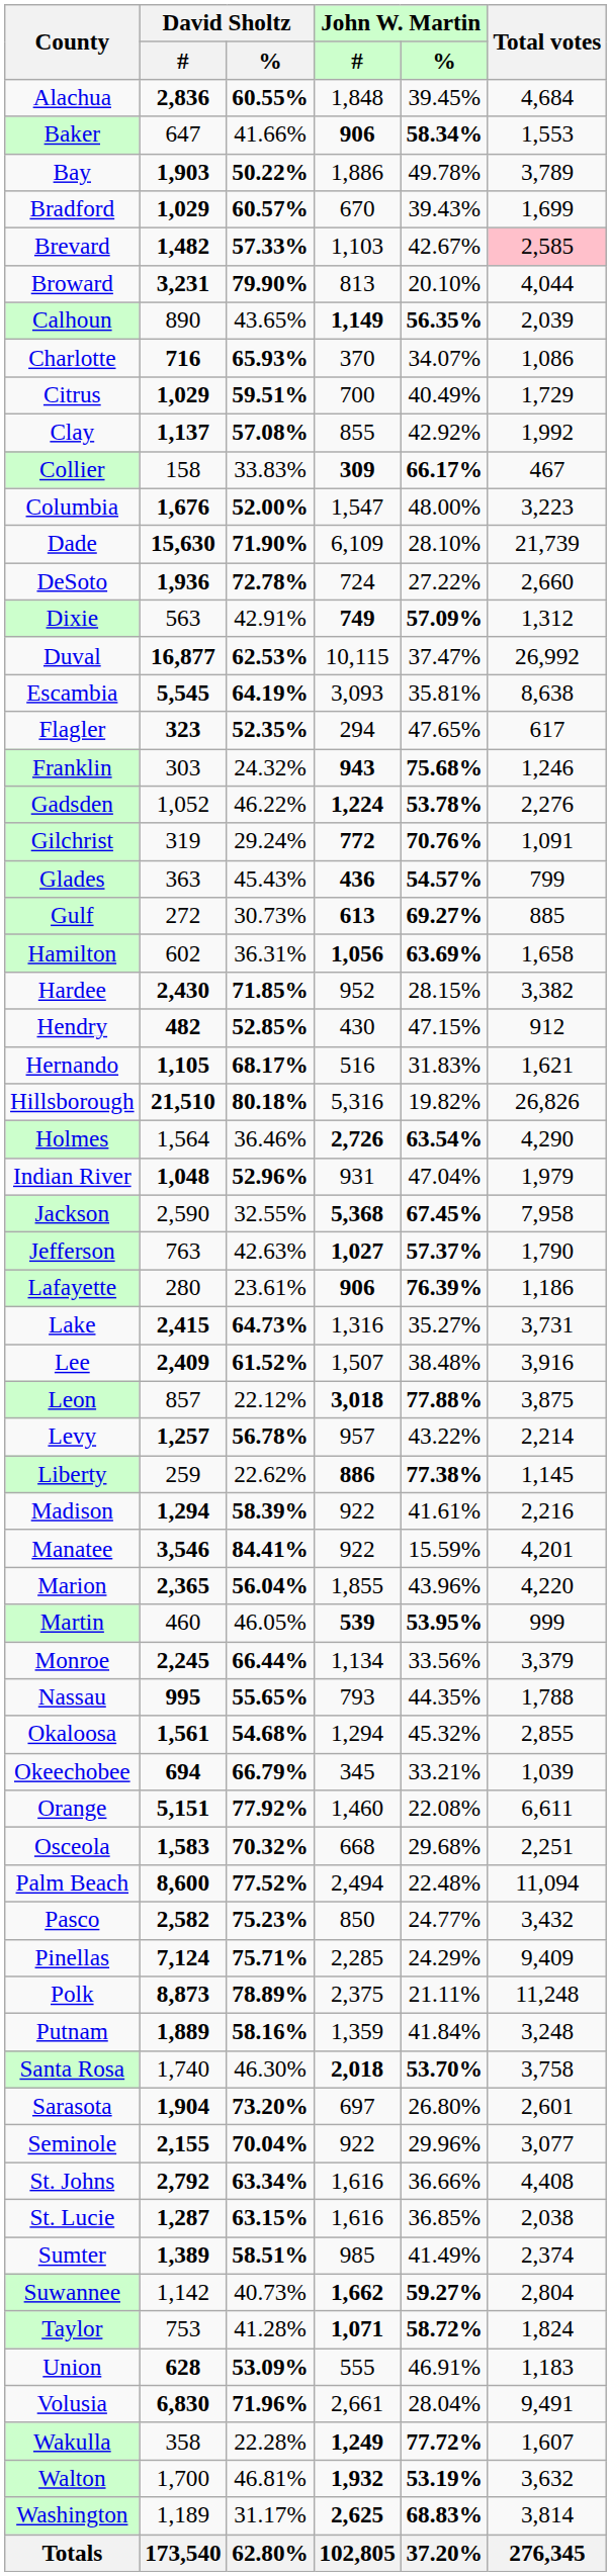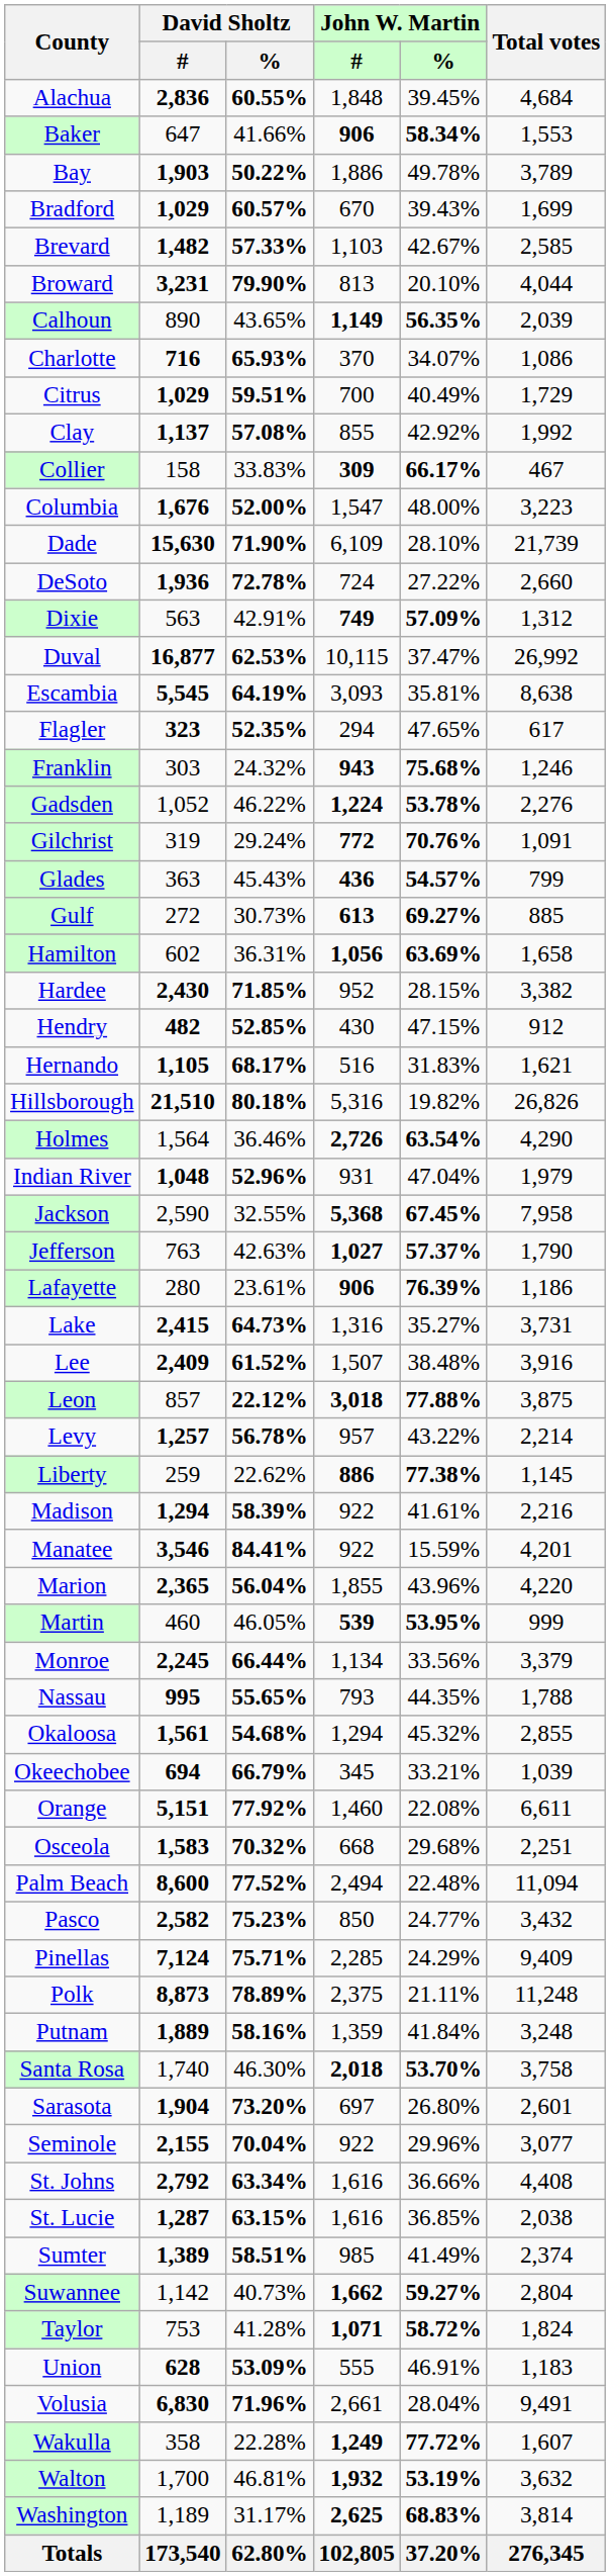 <table class="wikitable collapsible collapsed sortable">
 <tr>
 <th rowspan="2">County</th>
 <th colspan="2" style="text-align: center;" >David Sholtz</th>
 <th colspan="2" style="text-align: center; background:#CFC;">John W. Martin</th>
 <th rowspan="2">Total votes</th>
 </tr>
 <tr>
 <th colspan="1" style="text-align: center;" >#</th>
 <th colspan="1" style="text-align: center;" >%</th>
 <th colspan="1" style="text-align: center;; background:#CFC;">#</th>
 <th colspan="1" style="text-align: center;; background:#CFC;">%</th>
 </tr>
 <tr style="text-align:center;">
 <td><a href='#'>Alachua</a></td>
 <td><strong>2,836</strong></td>
 <td><strong>60.55%</strong></td>
 <td>1,848</td>
 <td>39.45%</td>
 <td>4,684</td>
 </tr>
 <tr>
 <td align="center" style="background:#CFC;"><a href='#'>Baker</a></td>
 <td align="center">647</td>
 <td align="center">41.66%</td>
 <td align="center"><strong>906</strong></td>
 <td align="center"><strong>58.34%</strong></td>
 <td align="center">1,553</td>
 </tr>
 <tr style="text-align:center;">
 <td><a href='#'>Bay</a></td>
 <td><strong>1,903</strong></td>
 <td><strong>50.22%</strong></td>
 <td>1,886</td>
 <td>49.78%</td>
 <td>3,789</td>
 </tr>
 <tr style="text-align:center;">
 <td><a href='#'>Bradford</a></td>
 <td><strong>1,029</strong></td>
 <td><strong>60.57%</strong></td>
 <td>670</td>
 <td>39.43%</td>
 <td>1,699</td>
 </tr>
 <tr style="text-align:center;">
 <td><a href='#'>Brevard</a></td>
 <td><strong>1,482</strong></td>
 <td><strong>57.33%</strong></td>
 <td>1,103</td>
 <td>42.67%</td>
-<td style="background: pink;">2,585</td>
+<td>2,585</td>
 </tr>
 <tr style="text-align:center;">
 <td><a href='#'>Broward</a></td>
 <td><strong>3,231</strong></td>
 <td><strong>79.90%</strong></td>
 <td>813</td>
 <td>20.10%</td>
 <td>4,044</td>
 </tr>
 <tr>
 <td align="center" style="background:#CFC;"><a href='#'>Calhoun</a></td>
 <td align="center">890</td>
 <td align="center">43.65%</td>
 <td align="center"><strong>1,149</strong></td>
 <td align="center"><strong>56.35%</strong></td>
 <td align="center">2,039</td>
 </tr>
 <tr style="text-align:center;">
 <td><a href='#'>Charlotte</a></td>
 <td><strong>716</strong></td>
 <td><strong>65.93%</strong></td>
 <td>370</td>
 <td>34.07%</td>
 <td>1,086</td>
 </tr>
 <tr style="text-align:center;">
 <td><a href='#'>Citrus</a></td>
 <td><strong>1,029</strong></td>
 <td><strong>59.51%</strong></td>
 <td>700</td>
 <td>40.49%</td>
 <td>1,729</td>
 </tr>
 <tr style="text-align:center;">
 <td><a href='#'>Clay</a></td>
 <td><strong>1,137</strong></td>
 <td><strong>57.08%</strong></td>
 <td>855</td>
 <td>42.92%</td>
 <td>1,992</td>
 </tr>
 <tr>
 <td align="center" style="background:#CFC;"><a href='#'>Collier</a></td>
 <td align="center">158</td>
 <td align="center">33.83%</td>
 <td align="center"><strong>309</strong></td>
 <td align="center"><strong>66.17%</strong></td>
 <td align="center">467</td>
 </tr>
 <tr style="text-align:center;">
 <td><a href='#'>Columbia</a></td>
 <td><strong>1,676</strong></td>
 <td><strong>52.00%</strong></td>
 <td>1,547</td>
 <td>48.00%</td>
 <td>3,223</td>
 </tr>
 <tr style="text-align:center;">
 <td><a href='#'>Dade</a></td>
 <td><strong>15,630</strong></td>
 <td><strong>71.90%</strong></td>
 <td>6,109</td>
 <td>28.10%</td>
 <td>21,739</td>
 </tr>
 <tr style="text-align:center;">
 <td><a href='#'>DeSoto</a></td>
 <td><strong>1,936</strong></td>
 <td><strong>72.78%</strong></td>
 <td>724</td>
 <td>27.22%</td>
 <td>2,660</td>
 </tr>
 <tr>
 <td align="center" style="background:#CFC;"><a href='#'>Dixie</a></td>
 <td align="center">563</td>
 <td align="center">42.91%</td>
 <td align="center"><strong>749</strong></td>
 <td align="center"><strong>57.09%</strong></td>
 <td align="center">1,312</td>
 </tr>
 <tr style="text-align:center;">
 <td><a href='#'>Duval</a></td>
 <td><strong>16,877</strong></td>
 <td><strong>62.53%</strong></td>
 <td>10,115</td>
 <td>37.47%</td>
 <td>26,992</td>
 </tr>
 <tr style="text-align:center;">
 <td><a href='#'>Escambia</a></td>
 <td><strong>5,545</strong></td>
 <td><strong>64.19%</strong></td>
 <td>3,093</td>
 <td>35.81%</td>
 <td>8,638</td>
 </tr>
 <tr style="text-align:center;">
 <td><a href='#'>Flagler</a></td>
 <td><strong>323</strong></td>
 <td><strong>52.35%</strong></td>
 <td>294</td>
 <td>47.65%</td>
 <td>617</td>
 </tr>
 <tr>
 <td align="center" style="background:#CFC;"><a href='#'>Franklin</a></td>
 <td align="center">303</td>
 <td align="center">24.32%</td>
 <td align="center"><strong>943</strong></td>
 <td align="center"><strong>75.68%</strong></td>
 <td align="center">1,246</td>
 </tr>
 <tr>
 <td align="center" style="background:#CFC;"><a href='#'>Gadsden</a></td>
 <td align="center">1,052</td>
 <td align="center">46.22%</td>
 <td align="center"><strong>1,224</strong></td>
 <td align="center"><strong>53.78%</strong></td>
 <td align="center">2,276</td>
 </tr>
 <tr>
 <td align="center" style="background:#CFC;"><a href='#'>Gilchrist</a></td>
 <td align="center">319</td>
 <td align="center">29.24%</td>
 <td align="center"><strong>772</strong></td>
 <td align="center"><strong>70.76%</strong></td>
 <td align="center">1,091</td>
 </tr>
 <tr>
 <td align="center" style="background:#CFC;"><a href='#'>Glades</a></td>
 <td align="center">363</td>
 <td align="center">45.43%</td>
 <td align="center"><strong>436</strong></td>
 <td align="center"><strong>54.57%</strong></td>
 <td align="center">799</td>
 </tr>
 <tr>
 <td align="center" style="background:#CFC;"><a href='#'>Gulf</a></td>
 <td align="center">272</td>
 <td align="center">30.73%</td>
 <td align="center"><strong>613</strong></td>
 <td align="center"><strong>69.27%</strong></td>
 <td align="center">885</td>
 </tr>
 <tr>
 <td align="center" style="background:#CFC;"><a href='#'>Hamilton</a></td>
 <td align="center">602</td>
 <td align="center">36.31%</td>
 <td align="center"><strong>1,056</strong></td>
 <td align="center"><strong>63.69%</strong></td>
 <td align="center">1,658</td>
 </tr>
 <tr style="text-align:center;">
 <td><a href='#'>Hardee</a></td>
 <td><strong>2,430</strong></td>
 <td><strong>71.85%</strong></td>
 <td>952</td>
 <td>28.15%</td>
 <td>3,382</td>
 </tr>
 <tr style="text-align:center;">
 <td><a href='#'>Hendry</a></td>
 <td><strong>482</strong></td>
 <td><strong>52.85%</strong></td>
 <td>430</td>
 <td>47.15%</td>
 <td>912</td>
 </tr>
 <tr style="text-align:center;">
 <td><a href='#'>Hernando</a></td>
 <td><strong>1,105</strong></td>
 <td><strong>68.17%</strong></td>
 <td>516</td>
 <td>31.83%</td>
 <td>1,621</td>
 </tr>
 <tr style="text-align:center;">
 <td><a href='#'>Hillsborough</a></td>
 <td><strong>21,510</strong></td>
 <td><strong>80.18%</strong></td>
 <td>5,316</td>
 <td>19.82%</td>
 <td>26,826</td>
 </tr>
 <tr>
 <td align="center" style="background:#CFC;"><a href='#'>Holmes</a></td>
 <td align="center">1,564</td>
 <td align="center">36.46%</td>
 <td align="center"><strong>2,726</strong></td>
 <td align="center"><strong>63.54%</strong></td>
 <td align="center">4,290</td>
 </tr>
 <tr style="text-align:center;">
 <td><a href='#'>Indian River</a></td>
 <td><strong>1,048</strong></td>
 <td><strong>52.96%</strong></td>
 <td>931</td>
 <td>47.04%</td>
 <td>1,979</td>
 </tr>
 <tr>
 <td align="center" style="background:#CFC;"><a href='#'>Jackson</a></td>
 <td align="center">2,590</td>
 <td align="center">32.55%</td>
 <td align="center"><strong>5,368</strong></td>
 <td align="center"><strong>67.45%</strong></td>
 <td align="center">7,958</td>
 </tr>
 <tr>
 <td align="center" style="background:#CFC;"><a href='#'>Jefferson</a></td>
 <td align="center">763</td>
 <td align="center">42.63%</td>
 <td align="center"><strong>1,027</strong></td>
 <td align="center"><strong>57.37%</strong></td>
 <td align="center">1,790</td>
 </tr>
 <tr>
 <td align="center" style="background:#CFC;"><a href='#'>Lafayette</a></td>
 <td align="center">280</td>
 <td align="center">23.61%</td>
 <td align="center"><strong>906</strong></td>
 <td align="center"><strong>76.39%</strong></td>
 <td align="center">1,186</td>
 </tr>
 <tr style="text-align:center;">
 <td><a href='#'>Lake</a></td>
 <td><strong>2,415</strong></td>
 <td><strong>64.73%</strong></td>
 <td>1,316</td>
 <td>35.27%</td>
 <td>3,731</td>
 </tr>
 <tr style="text-align:center;">
 <td><a href='#'>Lee</a></td>
 <td><strong>2,409</strong></td>
 <td><strong>61.52%</strong></td>
 <td>1,507</td>
 <td>38.48%</td>
 <td>3,916</td>
 </tr>
 <tr>
 <td align="center" style="background:#CFC;"><a href='#'>Leon</a></td>
 <td align="center">857</td>
-<td align="center">22.12%</td>
+<td align="center"><strong>22.12%</strong></td>
 <td align="center"><strong>3,018</strong></td>
 <td align="center"><strong>77.88%</strong></td>
 <td align="center">3,875</td>
 </tr>
 <tr style="text-align:center;">
 <td><a href='#'>Levy</a></td>
 <td><strong>1,257</strong></td>
 <td><strong>56.78%</strong></td>
 <td>957</td>
 <td>43.22%</td>
 <td>2,214</td>
 </tr>
 <tr>
 <td align="center" style="background:#CFC;"><a href='#'>Liberty</a></td>
 <td align="center">259</td>
 <td align="center">22.62%</td>
 <td align="center"><strong>886</strong></td>
 <td align="center"><strong>77.38%</strong></td>
 <td align="center">1,145</td>
 </tr>
 <tr style="text-align:center;">
 <td><a href='#'>Madison</a></td>
 <td><strong>1,294</strong></td>
 <td><strong>58.39%</strong></td>
 <td>922</td>
 <td>41.61%</td>
 <td>2,216</td>
 </tr>
 <tr style="text-align:center;">
 <td><a href='#'>Manatee</a></td>
 <td><strong>3,546</strong></td>
 <td><strong>84.41%</strong></td>
 <td>922</td>
 <td>15.59%</td>
 <td>4,201</td>
 </tr>
 <tr style="text-align:center;">
 <td><a href='#'>Marion</a></td>
 <td><strong>2,365</strong></td>
 <td><strong>56.04%</strong></td>
 <td>1,855</td>
 <td>43.96%</td>
 <td>4,220</td>
 </tr>
 <tr>
 <td align="center" style="background:#CFC;"><a href='#'>Martin</a></td>
 <td align="center">460</td>
 <td align="center">46.05%</td>
 <td align="center"><strong>539</strong></td>
 <td align="center"><strong>53.95%</strong></td>
 <td align="center">999</td>
 </tr>
 <tr style="text-align:center;">
 <td><a href='#'>Monroe</a></td>
 <td><strong>2,245</strong></td>
 <td><strong>66.44%</strong></td>
 <td>1,134</td>
 <td>33.56%</td>
 <td>3,379</td>
 </tr>
 <tr style="text-align:center;">
 <td><a href='#'>Nassau</a></td>
 <td><strong>995</strong></td>
 <td><strong>55.65%</strong></td>
 <td>793</td>
 <td>44.35%</td>
 <td>1,788</td>
 </tr>
 <tr style="text-align:center;">
 <td><a href='#'>Okaloosa</a></td>
 <td><strong>1,561</strong></td>
 <td><strong>54.68%</strong></td>
 <td>1,294</td>
 <td>45.32%</td>
 <td>2,855</td>
 </tr>
 <tr style="text-align:center;">
 <td><a href='#'>Okeechobee</a></td>
 <td><strong>694</strong></td>
 <td><strong>66.79%</strong></td>
 <td>345</td>
 <td>33.21%</td>
 <td>1,039</td>
 </tr>
 <tr style="text-align:center;">
 <td><a href='#'>Orange</a></td>
 <td><strong>5,151</strong></td>
 <td><strong>77.92%</strong></td>
 <td>1,460</td>
 <td>22.08%</td>
 <td>6,611</td>
 </tr>
 <tr style="text-align:center;">
 <td><a href='#'>Osceola</a></td>
 <td><strong>1,583</strong></td>
 <td><strong>70.32%</strong></td>
 <td>668</td>
 <td>29.68%</td>
 <td>2,251</td>
 </tr>
 <tr style="text-align:center;">
 <td><a href='#'>Palm Beach</a></td>
 <td><strong>8,600</strong></td>
 <td><strong>77.52%</strong></td>
 <td>2,494</td>
 <td>22.48%</td>
 <td>11,094</td>
 </tr>
 <tr style="text-align:center;">
 <td><a href='#'>Pasco</a></td>
 <td><strong>2,582</strong></td>
 <td><strong>75.23%</strong></td>
 <td>850</td>
 <td>24.77%</td>
 <td>3,432</td>
 </tr>
 <tr style="text-align:center;">
 <td><a href='#'>Pinellas</a></td>
 <td><strong>7,124</strong></td>
 <td><strong>75.71%</strong></td>
 <td>2,285</td>
 <td>24.29%</td>
 <td>9,409</td>
 </tr>
 <tr style="text-align:center;">
 <td><a href='#'>Polk</a></td>
 <td><strong>8,873</strong></td>
 <td><strong>78.89%</strong></td>
 <td>2,375</td>
 <td>21.11%</td>
 <td>11,248</td>
 </tr>
 <tr style="text-align:center;">
 <td><a href='#'>Putnam</a></td>
 <td><strong>1,889</strong></td>
 <td><strong>58.16%</strong></td>
 <td>1,359</td>
 <td>41.84%</td>
 <td>3,248</td>
 </tr>
 <tr>
 <td align="center" style="background:#CFC;"><a href='#'>Santa Rosa</a></td>
 <td align="center">1,740</td>
 <td align="center">46.30%</td>
 <td align="center"><strong>2,018</strong></td>
 <td align="center"><strong>53.70%</strong></td>
 <td align="center">3,758</td>
 </tr>
 <tr style="text-align:center;">
 <td><a href='#'>Sarasota</a></td>
 <td><strong>1,904</strong></td>
 <td><strong>73.20%</strong></td>
 <td>697</td>
 <td>26.80%</td>
 <td>2,601</td>
 </tr>
 <tr style="text-align:center;">
 <td><a href='#'>Seminole</a></td>
 <td><strong>2,155</strong></td>
 <td><strong>70.04%</strong></td>
 <td>922</td>
 <td>29.96%</td>
 <td>3,077</td>
 </tr>
 <tr style="text-align:center;">
 <td><a href='#'>St. Johns</a></td>
 <td><strong>2,792</strong></td>
 <td><strong>63.34%</strong></td>
 <td>1,616</td>
 <td>36.66%</td>
 <td>4,408</td>
 </tr>
 <tr style="text-align:center;">
 <td><a href='#'>St. Lucie</a></td>
 <td><strong>1,287</strong></td>
 <td><strong>63.15%</strong></td>
 <td>1,616</td>
 <td>36.85%</td>
 <td>2,038</td>
 </tr>
 <tr style="text-align:center;">
 <td><a href='#'>Sumter</a></td>
 <td><strong>1,389</strong></td>
 <td><strong>58.51%</strong></td>
 <td>985</td>
 <td>41.49%</td>
 <td>2,374</td>
 </tr>
 <tr>
 <td align="center" style="background:#CFC;"><a href='#'>Suwannee</a></td>
 <td align="center">1,142</td>
 <td align="center">40.73%</td>
 <td align="center"><strong>1,662</strong></td>
 <td align="center"><strong>59.27%</strong></td>
 <td align="center">2,804</td>
 </tr>
 <tr>
 <td align="center" style="background:#CFC;"><a href='#'>Taylor</a></td>
 <td align="center">753</td>
 <td align="center">41.28%</td>
 <td align="center"><strong>1,071</strong></td>
 <td align="center"><strong>58.72%</strong></td>
 <td align="center">1,824</td>
 </tr>
 <tr style="text-align:center;">
 <td><a href='#'>Union</a></td>
 <td><strong>628</strong></td>
 <td><strong>53.09%</strong></td>
 <td>555</td>
 <td>46.91%</td>
 <td>1,183</td>
 </tr>
 <tr style="text-align:center;">
 <td><a href='#'>Volusia</a></td>
 <td><strong>6,830</strong></td>
 <td><strong>71.96%</strong></td>
 <td>2,661</td>
 <td>28.04%</td>
 <td>9,491</td>
 </tr>
 <tr>
 <td align="center" style="background:#CFC;"><a href='#'>Wakulla</a></td>
 <td align="center">358</td>
 <td align="center">22.28%</td>
 <td align="center"><strong>1,249</strong></td>
 <td align="center"><strong>77.72%</strong></td>
 <td align="center">1,607</td>
 </tr>
 <tr>
 <td align="center" style="background:#CFC;"><a href='#'>Walton</a></td>
 <td align="center">1,700</td>
 <td align="center">46.81%</td>
 <td align="center"><strong>1,932</strong></td>
 <td align="center"><strong>53.19%</strong></td>
 <td align="center">3,632</td>
 </tr>
 <tr>
 <td align="center" style="background:#CFC;"><a href='#'>Washington</a></td>
 <td align="center">1,189</td>
 <td align="center">31.17%</td>
 <td align="center"><strong>2,625</strong></td>
 <td align="center"><strong>68.83%</strong></td>
 <td align="center">3,814</td>
 </tr>
 <tr style="text-align:center;">
 <th>Totals</th>
 <th>173,540</th>
 <th>62.80%</th>
 <th>102,805</th>
 <th>37.20%</th>
 <th>276,345</th>
 </tr>
 </table>
